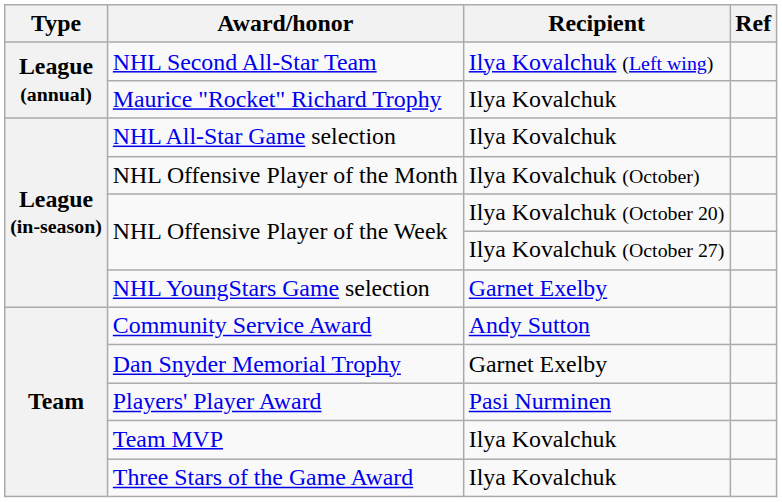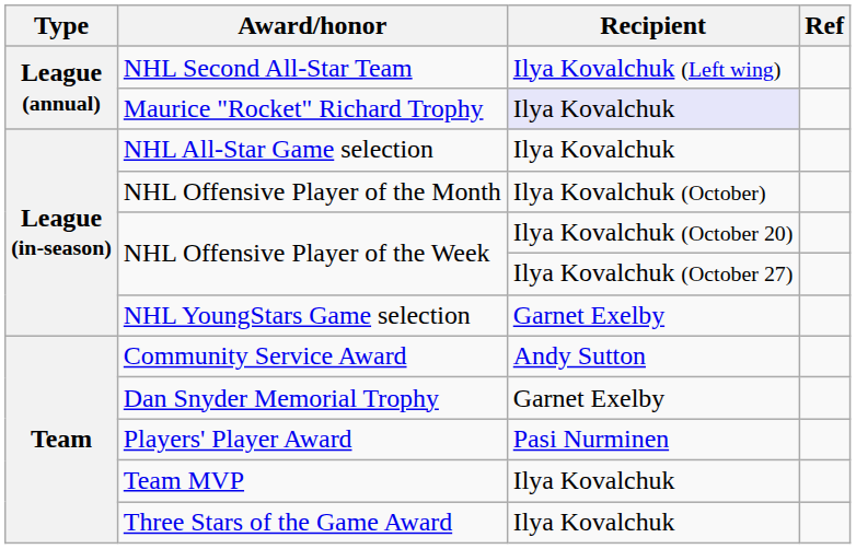 <table class="wikitable">
 <tr>
 <th scope="col">Type</th>
 <th scope="col">Award/honor</th>
 <th scope="col">Recipient</th>
 <th scope="col">Ref</th>
 </tr>
 <tr>
 <th scope="row" rowspan="2">League<br><small>(annual)</small></th>
 <td><a href='#'>NHL Second All-Star Team</a></td>
 <td><a href='#'>Ilya Kovalchuk</a> <small>(<a href='#'>Left wing</a>)</small></td>
 <td></td>
 </tr>
 <tr>
 <td><a href='#'>Maurice "Rocket" Richard Trophy</a></td>
-<td>Ilya Kovalchuk</td>
+<td style="background: lavender;">Ilya Kovalchuk</td>
 <td></td>
 </tr>
 <tr>
 <th scope="row" rowspan="5">League<br><small>(in-season)</small></th>
 <td><a href='#'>NHL All-Star Game</a> selection</td>
 <td>Ilya Kovalchuk</td>
 <td></td>
 </tr>
 <tr>
 <td>NHL Offensive Player of the Month</td>
 <td>Ilya Kovalchuk <small>(October)</small></td>
 <td></td>
 </tr>
 <tr>
 <td rowspan="2">NHL Offensive Player of the Week</td>
 <td>Ilya Kovalchuk <small>(October 20)</small></td>
 <td></td>
 </tr>
 <tr>
 <td>Ilya Kovalchuk <small>(October 27)</small></td>
 <td></td>
 </tr>
 <tr>
 <td><a href='#'>NHL YoungStars Game</a> selection</td>
 <td><a href='#'>Garnet Exelby</a></td>
 <td></td>
 </tr>
 <tr>
 <th scope="row" rowspan="5">Team</th>
 <td><a href='#'>Community Service Award</a></td>
 <td><a href='#'>Andy Sutton</a></td>
 <td></td>
 </tr>
 <tr>
 <td><a href='#'>Dan Snyder Memorial Trophy</a></td>
 <td>Garnet Exelby</td>
 <td></td>
 </tr>
 <tr>
 <td><a href='#'>Players' Player Award</a></td>
 <td><a href='#'>Pasi Nurminen</a></td>
 <td></td>
 </tr>
 <tr>
 <td><a href='#'>Team MVP</a></td>
 <td>Ilya Kovalchuk</td>
 <td></td>
 </tr>
 <tr>
 <td><a href='#'>Three Stars of the Game Award</a></td>
 <td>Ilya Kovalchuk</td>
 <td></td>
 </tr>
 </table>
